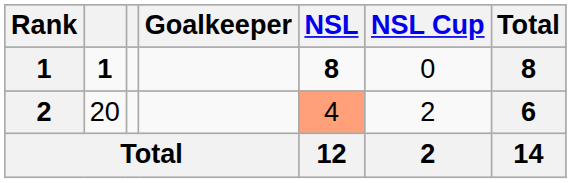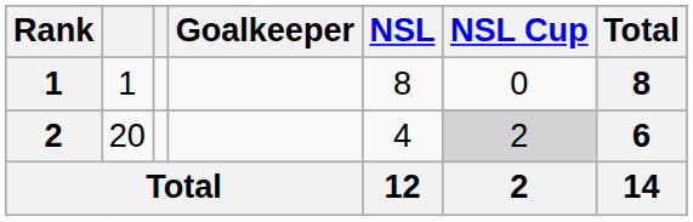 <table class="wikitable sortable" style="text-align:center">
 <tr>
 <th>Rank</th>
 <th></th>
 <th></th>
 <th>Goalkeeper</th>
 <th><a href='#'>NSL</a></th>
 <th><a href='#'>NSL Cup</a></th>
 <th>Total</th>
 </tr>
 <tr>
 <th>1</th>
-<td><strong>1</strong></td>
+<td>1</td>
 <td></td>
 <td align="left"></td>
-<td><strong>8</strong></td>
+<td>8</td>
 <td>0</td>
 <th>8</th>
 </tr>
 <tr>
 <th>2</th>
 <td>20</td>
 <td></td>
 <td align="left"></td>
-<td style="background: lightsalmon;">4</td>
-<td>2</td>
+<td>4</td>
+<td style="background: lightgrey;">2</td>
 <th>6</th>
 </tr>
 <tr>
 <th colspan="4">Total</th>
 <th>12</th>
 <th>2</th>
 <th>14</th>
 </tr>
 </table>
